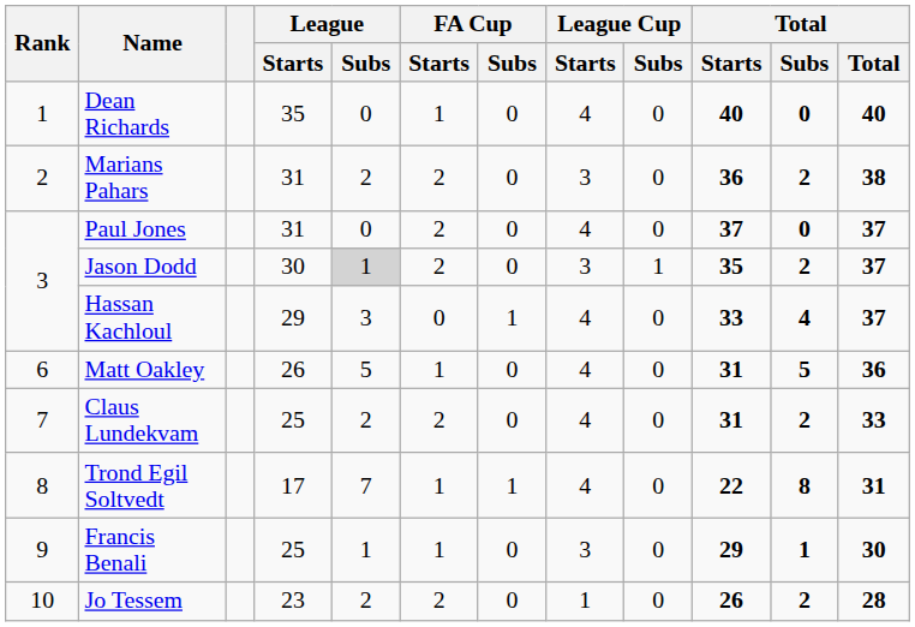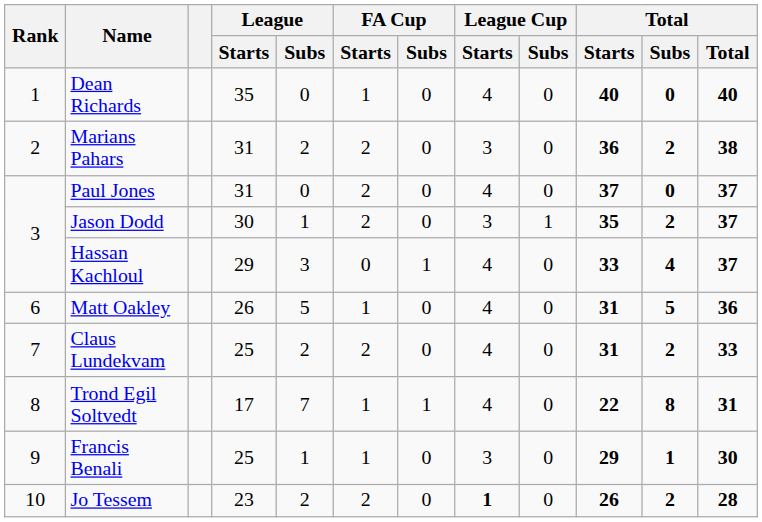 <table class="wikitable plainrowheaders" style="text-align:center;">
 <tr>
 <th scope="col" rowspan="2" style="width:4em;">Rank</th>
 <th scope="col" rowspan="2" style="width:10em;">Name</th>
 <th scope="col" rowspan="2" style="width:4em;"></th>
 <th scope="col" colspan="2">League</th>
 <th scope="col" colspan="2">FA Cup</th>
 <th scope="col" colspan="2">League Cup</th>
 <th scope="col" colspan="3">Total</th>
 </tr>
 <tr>
 <th scope="col" style="width:4em;">Starts</th>
 <th scope="col" style="width:4em;">Subs</th>
 <th scope="col" style="width:4em;">Starts</th>
 <th scope="col" style="width:4em;">Subs</th>
 <th scope="col" style="width:4em;">Starts</th>
 <th scope="col" style="width:4em;">Subs</th>
 <th scope="col" style="width:4em;">Starts</th>
 <th scope="col" style="width:4em;">Subs</th>
 <th scope="col" style="width:4em;">Total</th>
 </tr>
 <tr>
 <td>1</td>
 <td align="left"><a href='#'>Dean Richards</a></td>
 <td></td>
 <td>35</td>
 <td>0</td>
 <td>1</td>
 <td>0</td>
 <td>4</td>
 <td>0</td>
 <td><strong>40</strong></td>
 <td><strong>0</strong></td>
 <td><strong>40</strong></td>
 </tr>
 <tr>
 <td>2</td>
 <td align="left"><a href='#'>Marians Pahars</a></td>
 <td></td>
 <td>31</td>
 <td>2</td>
 <td>2</td>
 <td>0</td>
 <td>3</td>
 <td>0</td>
 <td><strong>36</strong></td>
 <td><strong>2</strong></td>
 <td><strong>38</strong></td>
 </tr>
 <tr>
 <td rowspan="3">3</td>
 <td align="left"><a href='#'>Paul Jones</a></td>
 <td></td>
 <td>31</td>
 <td>0</td>
 <td>2</td>
 <td>0</td>
 <td>4</td>
 <td>0</td>
 <td><strong>37</strong></td>
 <td><strong>0</strong></td>
 <td><strong>37</strong></td>
 </tr>
 <tr>
 <td align="left"><a href='#'>Jason Dodd</a></td>
 <td></td>
 <td>30</td>
-<td style="background: lightgrey;">1</td>
+<td>1</td>
 <td>2</td>
 <td>0</td>
 <td>3</td>
 <td>1</td>
 <td><strong>35</strong></td>
 <td><strong>2</strong></td>
 <td><strong>37</strong></td>
 </tr>
 <tr>
 <td align="left"><a href='#'>Hassan Kachloul</a></td>
 <td></td>
 <td>29</td>
 <td>3</td>
 <td>0</td>
 <td>1</td>
 <td>4</td>
 <td>0</td>
 <td><strong>33</strong></td>
 <td><strong>4</strong></td>
 <td><strong>37</strong></td>
 </tr>
 <tr>
 <td>6</td>
 <td align="left"><a href='#'>Matt Oakley</a></td>
 <td></td>
 <td>26</td>
 <td>5</td>
 <td>1</td>
 <td>0</td>
 <td>4</td>
 <td>0</td>
 <td><strong>31</strong></td>
 <td><strong>5</strong></td>
 <td><strong>36</strong></td>
 </tr>
 <tr>
 <td>7</td>
 <td align="left"><a href='#'>Claus Lundekvam</a></td>
 <td></td>
 <td>25</td>
 <td>2</td>
 <td>2</td>
 <td>0</td>
 <td>4</td>
 <td>0</td>
 <td><strong>31</strong></td>
 <td><strong>2</strong></td>
 <td><strong>33</strong></td>
 </tr>
 <tr>
 <td>8</td>
 <td align="left"><a href='#'>Trond Egil Soltvedt</a></td>
 <td></td>
 <td>17</td>
 <td>7</td>
 <td>1</td>
 <td>1</td>
 <td>4</td>
 <td>0</td>
 <td><strong>22</strong></td>
 <td><strong>8</strong></td>
 <td><strong>31</strong></td>
 </tr>
 <tr>
 <td>9</td>
 <td align="left"><a href='#'>Francis Benali</a></td>
 <td></td>
 <td>25</td>
 <td>1</td>
 <td>1</td>
 <td>0</td>
 <td>3</td>
 <td>0</td>
 <td><strong>29</strong></td>
 <td><strong>1</strong></td>
 <td><strong>30</strong></td>
 </tr>
 <tr>
 <td>10</td>
 <td align="left"><a href='#'>Jo Tessem</a></td>
 <td></td>
 <td>23</td>
 <td>2</td>
 <td>2</td>
 <td>0</td>
-<td>1</td>
+<td><strong>1</strong></td>
 <td>0</td>
 <td><strong>26</strong></td>
 <td><strong>2</strong></td>
 <td><strong>28</strong></td>
 </tr>
 </table>
